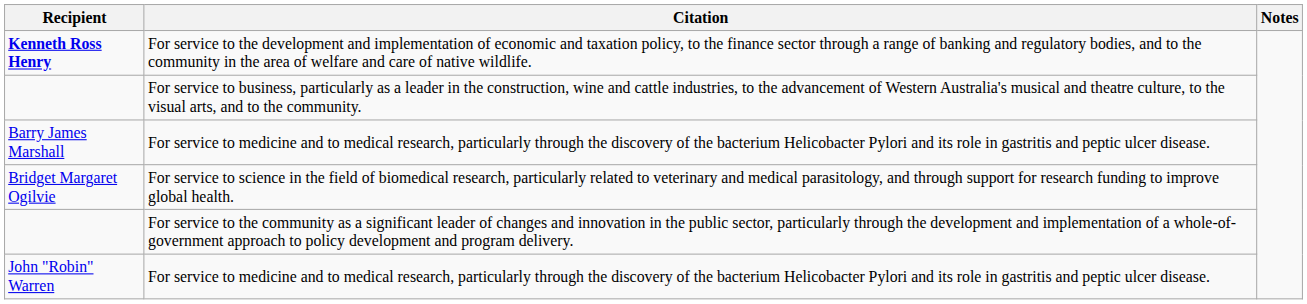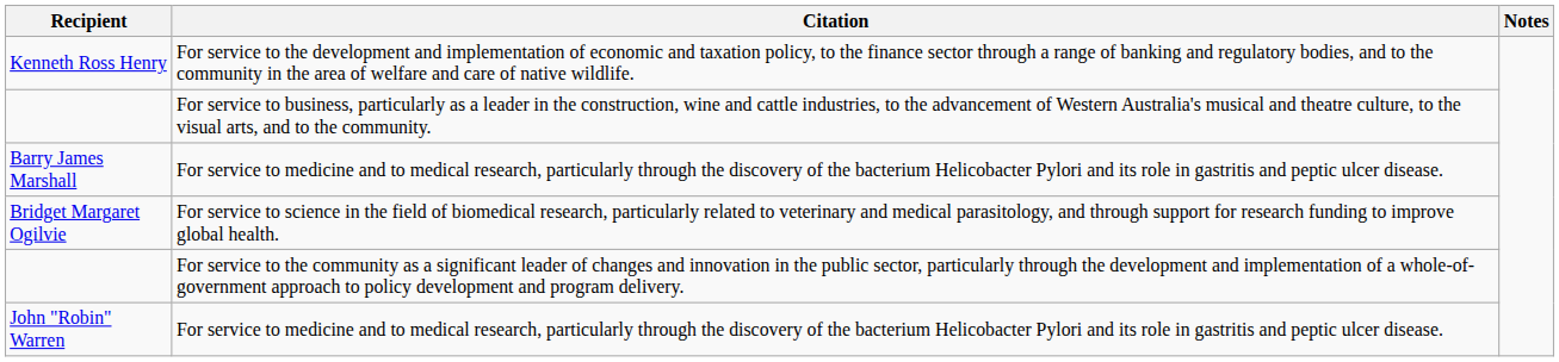 <table class="wikitable" style="font-size:95%;">
 <tr>
 <th>Recipient</th>
 <th>Citation</th>
 <th>Notes</th>
 </tr>
 <tr>
-<td><strong> <a href='#'>Kenneth Ross Henry</a></strong></td>
+<td> <a href='#'>Kenneth Ross Henry</a></td>
 <td>For service to the development and implementation of economic and taxation policy, to the finance sector through a range of banking and regulatory bodies, and to the community in the area of welfare and care of native wildlife.</td>
 <td rowspan=6></td>
 </tr>
 <tr>
 <td></td>
 <td>For service to business, particularly as a leader in the construction, wine and cattle industries, to the advancement of Western Australia's musical and theatre culture, to the visual arts, and to the community.</td>
 </tr>
 <tr>
 <td> <a href='#'>Barry James Marshall</a></td>
 <td>For service to medicine and to medical research, particularly through the discovery of the bacterium Helicobacter Pylori and its role in gastritis and peptic ulcer disease.</td>
 </tr>
 <tr>
 <td> <a href='#'>Bridget Margaret Ogilvie</a></td>
 <td>For service to science in the field of biomedical research, particularly related to veterinary and medical parasitology, and through support for research funding to improve global health.</td>
 </tr>
 <tr>
 <td></td>
 <td>For service to the community as a significant leader of changes and innovation in the public sector, particularly through the development and implementation of a whole-of-government approach to policy development and program delivery.</td>
 </tr>
 <tr>
 <td> <a href='#'>John "Robin" Warren</a></td>
 <td>For service to medicine and to medical research, particularly through the discovery of the bacterium Helicobacter Pylori and its role in gastritis and peptic ulcer disease.</td>
 </tr>
 </table>
